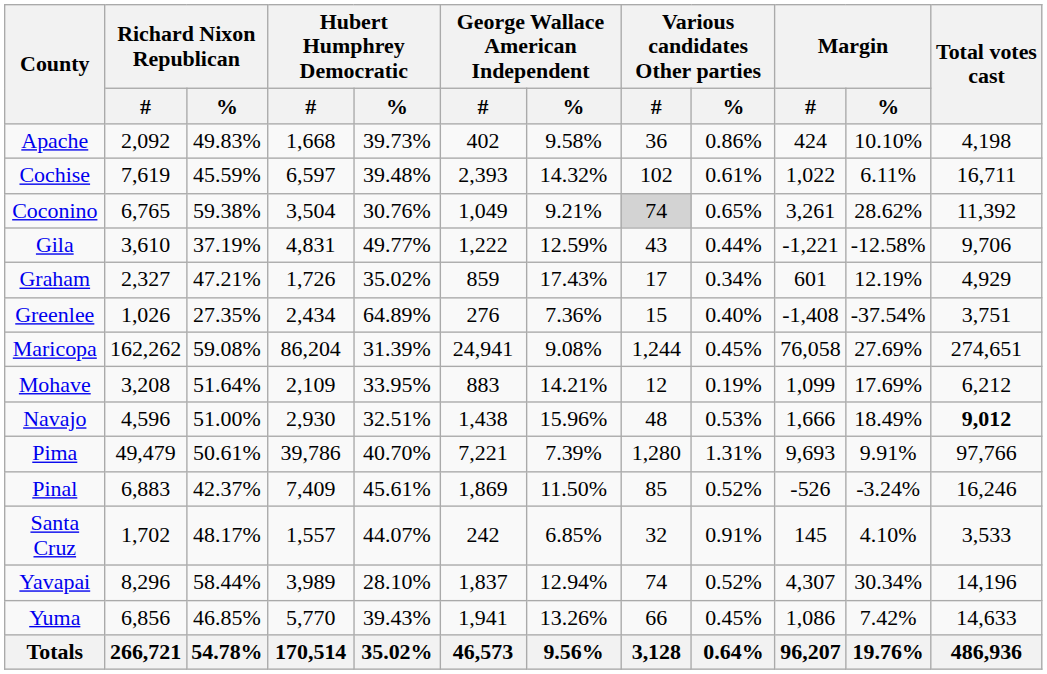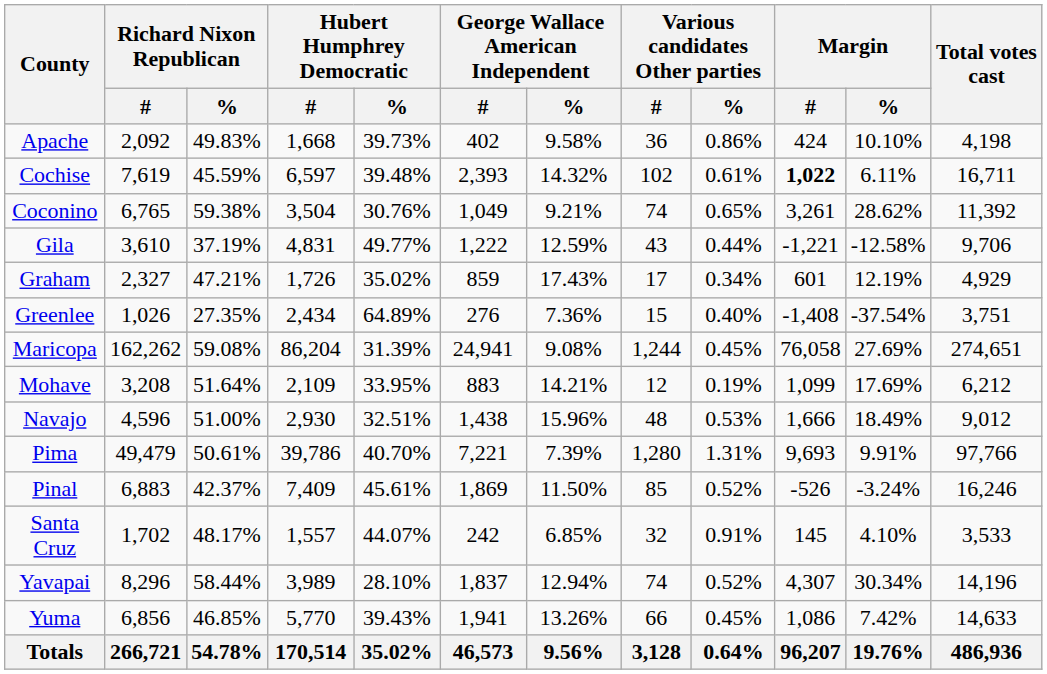 <table width="60%" class="wikitable sortable">
 <tr>
 <th rowspan="2">County</th>
 <th colspan="2">Richard Nixon<br>Republican</th>
 <th colspan="2">Hubert Humphrey<br>Democratic</th>
 <th colspan="2">George Wallace<br>American Independent</th>
 <th colspan="2">Various candidates<br>Other parties</th>
 <th colspan="2">Margin</th>
 <th rowspan="2">Total votes cast</th>
 </tr>
 <tr>
 <th style="text-align:center;" data-sort-type="number">#</th>
 <th style="text-align:center;" data-sort-type="number">%</th>
 <th style="text-align:center;" data-sort-type="number">#</th>
 <th style="text-align:center;" data-sort-type="number">%</th>
 <th style="text-align:center;" data-sort-type="number">#</th>
 <th style="text-align:center;" data-sort-type="number">%</th>
 <th style="text-align:center;" data-sort-type="number">#</th>
 <th style="text-align:center;" data-sort-type="number">%</th>
 <th style="text-align:center;" data-sort-type="number">#</th>
 <th style="text-align:center;" data-sort-type="number">%</th>
 </tr>
 <tr style="text-align:center;">
 <td><a href='#'>Apache</a></td>
 <td>2,092</td>
 <td>49.83%</td>
 <td>1,668</td>
 <td>39.73%</td>
 <td>402</td>
 <td>9.58%</td>
 <td>36</td>
 <td>0.86%</td>
 <td>424</td>
 <td>10.10%</td>
 <td>4,198</td>
 </tr>
 <tr style="text-align:center;">
 <td><a href='#'>Cochise</a></td>
 <td>7,619</td>
 <td>45.59%</td>
 <td>6,597</td>
 <td>39.48%</td>
 <td>2,393</td>
 <td>14.32%</td>
 <td>102</td>
 <td>0.61%</td>
-<td>1,022</td>
+<td><strong>1,022</strong></td>
 <td>6.11%</td>
 <td>16,711</td>
 </tr>
 <tr style="text-align:center;">
 <td><a href='#'>Coconino</a></td>
 <td>6,765</td>
 <td>59.38%</td>
 <td>3,504</td>
 <td>30.76%</td>
 <td>1,049</td>
 <td>9.21%</td>
-<td style="background: lightgrey;">74</td>
+<td>74</td>
 <td>0.65%</td>
 <td>3,261</td>
 <td>28.62%</td>
 <td>11,392</td>
 </tr>
 <tr style="text-align:center;">
 <td><a href='#'>Gila</a></td>
 <td>3,610</td>
 <td>37.19%</td>
 <td>4,831</td>
 <td>49.77%</td>
 <td>1,222</td>
 <td>12.59%</td>
 <td>43</td>
 <td>0.44%</td>
 <td>-1,221</td>
 <td>-12.58%</td>
 <td>9,706</td>
 </tr>
 <tr style="text-align:center;">
 <td><a href='#'>Graham</a></td>
 <td>2,327</td>
 <td>47.21%</td>
 <td>1,726</td>
 <td>35.02%</td>
 <td>859</td>
 <td>17.43%</td>
 <td>17</td>
 <td>0.34%</td>
 <td>601</td>
 <td>12.19%</td>
 <td>4,929</td>
 </tr>
 <tr style="text-align:center;">
 <td><a href='#'>Greenlee</a></td>
 <td>1,026</td>
 <td>27.35%</td>
 <td>2,434</td>
 <td>64.89%</td>
 <td>276</td>
 <td>7.36%</td>
 <td>15</td>
 <td>0.40%</td>
 <td>-1,408</td>
 <td>-37.54%</td>
 <td>3,751</td>
 </tr>
 <tr style="text-align:center;">
 <td><a href='#'>Maricopa</a></td>
 <td>162,262</td>
 <td>59.08%</td>
 <td>86,204</td>
 <td>31.39%</td>
 <td>24,941</td>
 <td>9.08%</td>
 <td>1,244</td>
 <td>0.45%</td>
 <td>76,058</td>
 <td>27.69%</td>
 <td>274,651</td>
 </tr>
 <tr style="text-align:center;">
 <td><a href='#'>Mohave</a></td>
 <td>3,208</td>
 <td>51.64%</td>
 <td>2,109</td>
 <td>33.95%</td>
 <td>883</td>
 <td>14.21%</td>
 <td>12</td>
 <td>0.19%</td>
 <td>1,099</td>
 <td>17.69%</td>
 <td>6,212</td>
 </tr>
 <tr style="text-align:center;">
 <td><a href='#'>Navajo</a></td>
 <td>4,596</td>
 <td>51.00%</td>
 <td>2,930</td>
 <td>32.51%</td>
 <td>1,438</td>
 <td>15.96%</td>
 <td>48</td>
 <td>0.53%</td>
 <td>1,666</td>
 <td>18.49%</td>
-<td><strong>9,012</strong></td>
+<td>9,012</td>
 </tr>
 <tr style="text-align:center;">
 <td><a href='#'>Pima</a></td>
 <td>49,479</td>
 <td>50.61%</td>
 <td>39,786</td>
 <td>40.70%</td>
 <td>7,221</td>
 <td>7.39%</td>
 <td>1,280</td>
 <td>1.31%</td>
 <td>9,693</td>
 <td>9.91%</td>
 <td>97,766</td>
 </tr>
 <tr style="text-align:center;">
 <td><a href='#'>Pinal</a></td>
 <td>6,883</td>
 <td>42.37%</td>
 <td>7,409</td>
 <td>45.61%</td>
 <td>1,869</td>
 <td>11.50%</td>
 <td>85</td>
 <td>0.52%</td>
 <td>-526</td>
 <td>-3.24%</td>
 <td>16,246</td>
 </tr>
 <tr style="text-align:center;">
 <td><a href='#'>Santa Cruz</a></td>
 <td>1,702</td>
 <td>48.17%</td>
 <td>1,557</td>
 <td>44.07%</td>
 <td>242</td>
 <td>6.85%</td>
 <td>32</td>
 <td>0.91%</td>
 <td>145</td>
 <td>4.10%</td>
 <td>3,533</td>
 </tr>
 <tr style="text-align:center;">
 <td><a href='#'>Yavapai</a></td>
 <td>8,296</td>
 <td>58.44%</td>
 <td>3,989</td>
 <td>28.10%</td>
 <td>1,837</td>
 <td>12.94%</td>
 <td>74</td>
 <td>0.52%</td>
 <td>4,307</td>
 <td>30.34%</td>
 <td>14,196</td>
 </tr>
 <tr style="text-align:center;">
 <td><a href='#'>Yuma</a></td>
 <td>6,856</td>
 <td>46.85%</td>
 <td>5,770</td>
 <td>39.43%</td>
 <td>1,941</td>
 <td>13.26%</td>
 <td>66</td>
 <td>0.45%</td>
 <td>1,086</td>
 <td>7.42%</td>
 <td>14,633</td>
 </tr>
 <tr style="text-align:center;">
 <th>Totals</th>
 <th>266,721</th>
 <th>54.78%</th>
 <th>170,514</th>
 <th>35.02%</th>
 <th>46,573</th>
 <th>9.56%</th>
 <th>3,128</th>
 <th>0.64%</th>
 <th>96,207</th>
 <th>19.76%</th>
 <th>486,936</th>
 </tr>
 </table>
